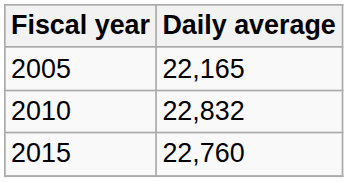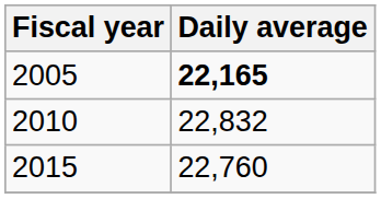 <table class="wikitable">
 <tr>
 <th>Fiscal year</th>
 <th>Daily average</th>
 </tr>
 <tr>
 <td>2005</td>
-<td>22,165</td>
+<td><strong>22,165</strong></td>
 </tr>
 <tr>
 <td>2010</td>
 <td>22,832</td>
 </tr>
 <tr>
 <td>2015</td>
 <td>22,760</td>
 </tr>
 <tr>
 </tr>
 </table>
